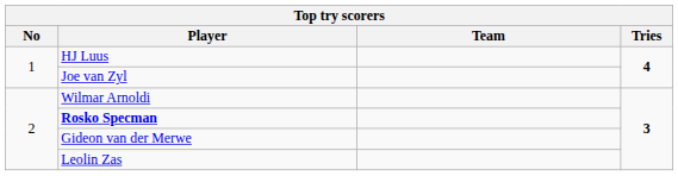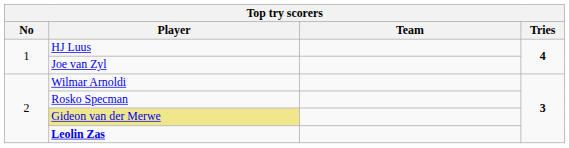 <table class="wikitable collapsible sortable" style="text-align:center; line-height:100%; font-size:100%; width:60%;">
 <tr>
 <th colspan=8>Top try scorers </th>
 </tr>
 <tr>
 <th style="width:6%;">No</th>
 <th style="width:34%;">Player</th>
 <th style="width:30%;">Team</th>
 <th style="width:6%;">Tries<br></th>
 </tr>
 <tr>
 <td rowspan="2">1</td>
 <td style="text-align:left;"><a href='#'>HJ Luus</a></td>
 <td style="text-align:left;"></td>
 <td rowspan="2"><strong>4</strong></td>
 </tr>
 <tr>
 <td style="text-align:left;"><a href='#'>Joe van Zyl</a></td>
 <td style="text-align:left;"></td>
 </tr>
 <tr>
 <td rowspan="4">2</td>
 <td style="text-align:left;"><a href='#'>Wilmar Arnoldi</a></td>
 <td style="text-align:left;"></td>
 <td rowspan="4"><strong>3</strong></td>
 </tr>
 <tr>
-<td style="text-align:left;"><strong><a href='#'>Rosko Specman</a></strong></td>
+<td style="text-align:left;"><a href='#'>Rosko Specman</a></td>
 <td style="text-align:left;"></td>
 </tr>
 <tr>
-<td style="text-align:left;"><a href='#'>Gideon van der Merwe</a></td>
+<td style="background: khaki; text-align:left;"><a href='#'>Gideon van der Merwe</a></td>
 <td style="text-align:left;"></td>
 </tr>
 <tr>
-<td style="text-align:left;"><a href='#'>Leolin Zas</a></td>
+<td style="text-align:left;"><strong><a href='#'>Leolin Zas</a></strong></td>
 <td style="text-align:left;"></td>
 </tr>
 </table>
